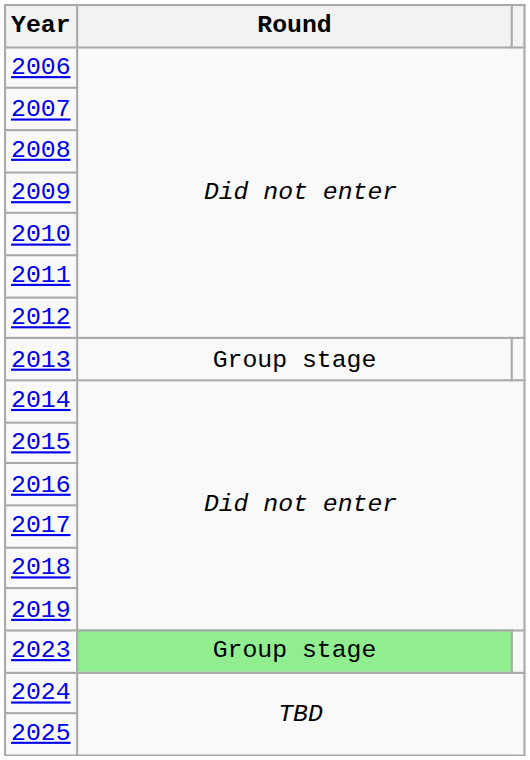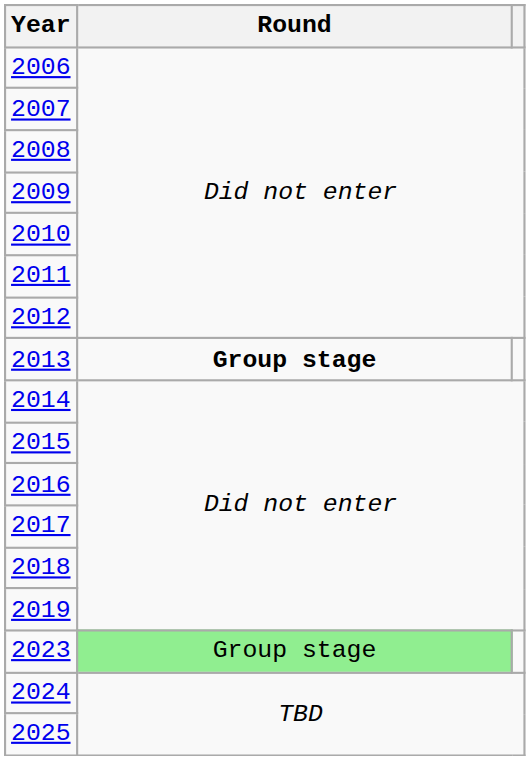 <table class="wikitable" style="text-align: center; font-size:90%">
 <tr>
 <th>Year</th>
 <th style="width:200px">Round</th>
 <th></th>
 </tr>
 <tr>
 <td><a href='#'>2006</a></td>
 <td colspan="2" rowspan="7"><em>Did not enter</em></td>
 </tr>
 <tr>
 <td><a href='#'>2007</a></td>
 </tr>
 <tr>
 <td><a href='#'>2008</a></td>
 </tr>
 <tr>
 <td><a href='#'>2009</a></td>
 </tr>
 <tr>
 <td><a href='#'>2010</a></td>
 </tr>
 <tr>
 <td><a href='#'>2011</a></td>
 </tr>
 <tr>
 <td><a href='#'>2012</a></td>
 </tr>
 <tr>
 <td><a href='#'>2013</a></td>
-<td>Group stage</td>
+<td><strong>Group stage</strong></td>
 <td></td>
 </tr>
 <tr>
 <td><a href='#'>2014</a></td>
 <td colspan="2" rowspan="6"><em>Did not enter</em></td>
 </tr>
 <tr>
 <td><a href='#'>2015</a></td>
 </tr>
 <tr>
 <td><a href='#'>2016</a></td>
 </tr>
 <tr>
 <td><a href='#'>2017</a></td>
 </tr>
 <tr>
 <td><a href='#'>2018</a></td>
 </tr>
 <tr>
 <td><a href='#'>2019</a></td>
 </tr>
 <tr>
 <td><a href='#'>2023</a></td>
 <td style="background: lightgreen;">Group stage</td>
 <td></td>
 </tr>
 <tr>
 <td><a href='#'>2024</a></td>
 <td colspan="2" rowspan="2"><em>TBD</em></td>
 </tr>
 <tr>
 <td><a href='#'>2025</a></td>
 </tr>
 </table>
